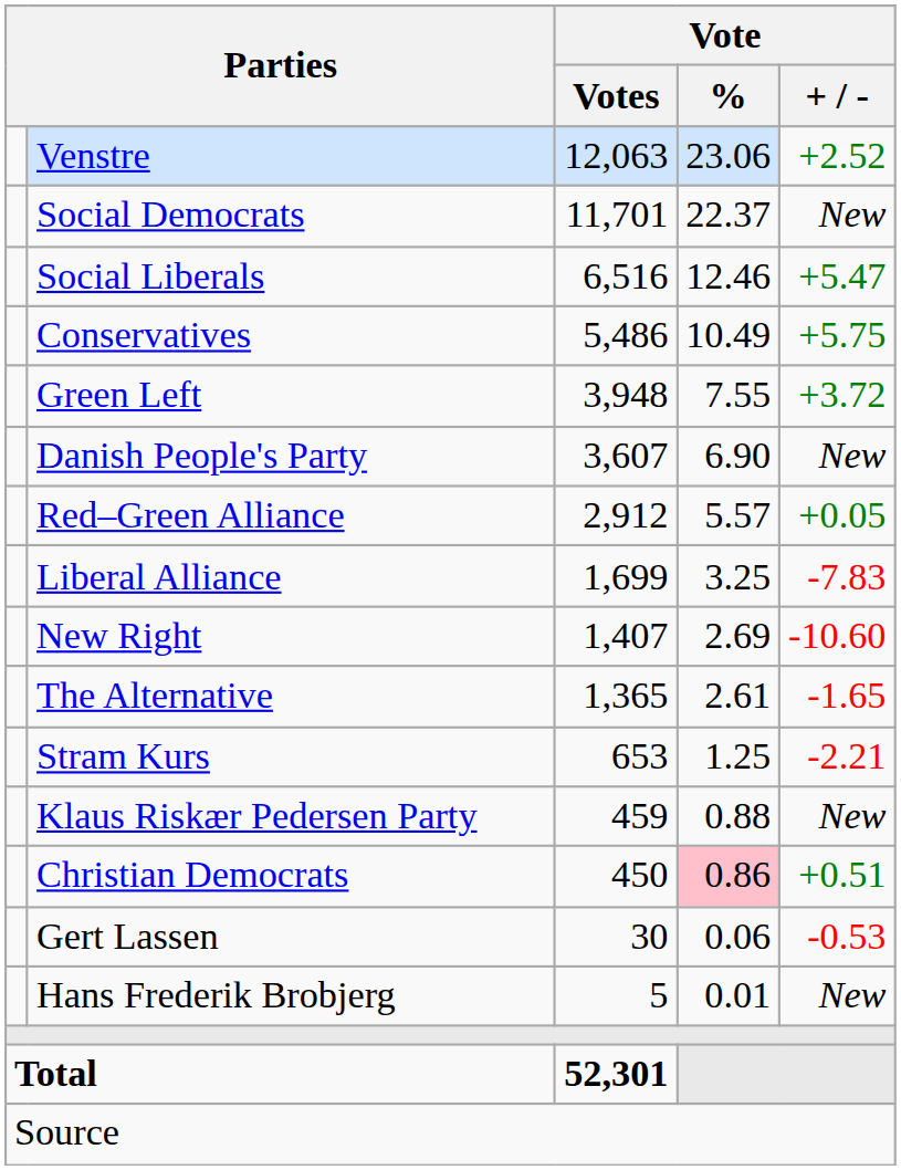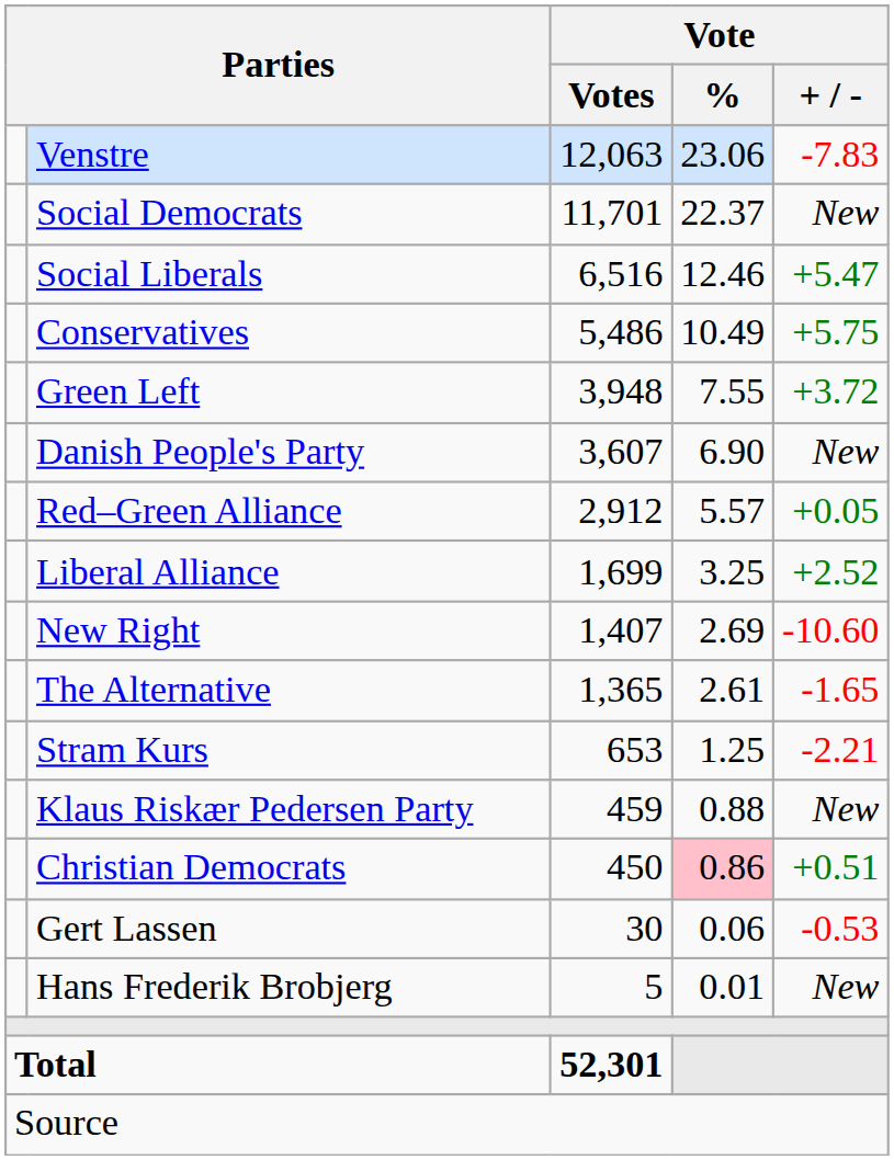 <table class="wikitable" style="text-align:right;">
 <tr>
 <th style="text-align:centre;" rowspan="2" colspan="2" width="225">Parties</th>
 <th colspan="3">Vote</th>
 </tr>
 <tr>
 <th width="15">Votes</th>
 <th width="15">%</th>
 <th width="15">+ / -</th>
 </tr>
 <tr>
 <td width="2" style="color:inherit;background:"></td>
 <td bgcolor=#cfe5fe  align="left"><a href='#'>Venstre</a></td>
 <td bgcolor=#cfe5fe>12,063</td>
 <td bgcolor=#cfe5fe>23.06</td>
-<td style=color:green;>+2.52</td>
+<td style=color:red;>-7.83</td>
 </tr>
 <tr>
 <td width="2" style="color:inherit;background:"></td>
 <td align="left"><a href='#'>Social Democrats</a></td>
 <td>11,701</td>
 <td>22.37</td>
 <td><em>New</em></td>
 </tr>
 <tr>
 <td width="2" style="color:inherit;background:"></td>
 <td align="left"><a href='#'>Social Liberals</a></td>
 <td>6,516</td>
 <td>12.46</td>
 <td style=color:green;>+5.47</td>
 </tr>
 <tr>
 <td width="2" style="color:inherit;background:"></td>
 <td align="left"><a href='#'>Conservatives</a></td>
 <td>5,486</td>
 <td>10.49</td>
 <td style=color:green;>+5.75</td>
 </tr>
 <tr>
 <td width="2" style="color:inherit;background:"></td>
 <td align="left"><a href='#'>Green Left</a></td>
 <td>3,948</td>
 <td>7.55</td>
 <td style=color:green;>+3.72</td>
 </tr>
 <tr>
 <td width="2" style="color:inherit;background:"></td>
 <td align="left"><a href='#'>Danish People's Party</a></td>
 <td>3,607</td>
 <td>6.90</td>
 <td><em>New</em></td>
 </tr>
 <tr>
 <td width="2" style="color:inherit;background:"></td>
 <td align="left"><a href='#'>Red–Green Alliance</a></td>
 <td>2,912</td>
 <td>5.57</td>
 <td style=color:green;>+0.05</td>
 </tr>
 <tr>
 <td width="2" style="color:inherit;background:"></td>
 <td align="left"><a href='#'>Liberal Alliance</a></td>
 <td>1,699</td>
 <td>3.25</td>
-<td style=color:red;>-7.83</td>
+<td style=color:green;>+2.52</td>
 </tr>
 <tr>
 <td width="2" style="color:inherit;background:"></td>
 <td align="left"><a href='#'>New Right</a></td>
 <td>1,407</td>
 <td>2.69</td>
 <td style=color:red;>-10.60</td>
 </tr>
 <tr>
 <td width="2" style="color:inherit;background:"></td>
 <td align="left"><a href='#'>The Alternative</a></td>
 <td>1,365</td>
 <td>2.61</td>
 <td style=color:red;>-1.65</td>
 </tr>
 <tr>
 <td width="2" style="color:inherit;background:"></td>
 <td align="left"><a href='#'>Stram Kurs</a></td>
 <td>653</td>
 <td>1.25</td>
 <td style=color:red;>-2.21</td>
 </tr>
 <tr>
 <td width="2" style="color:inherit;background:"></td>
 <td align="left"><a href='#'>Klaus Riskær Pedersen Party</a></td>
 <td>459</td>
 <td>0.88</td>
 <td><em>New</em></td>
 </tr>
 <tr>
 <td width="2" style="color:inherit;background:"></td>
 <td align="left"><a href='#'>Christian Democrats</a></td>
 <td>450</td>
 <td style="background: pink;">0.86</td>
 <td style=color:green;>+0.51</td>
 </tr>
 <tr>
 <td width="2" style="color:inherit;background:"></td>
 <td align="left">Gert Lassen</td>
 <td>30</td>
 <td>0.06</td>
 <td style=color:red;>-0.53</td>
 </tr>
 <tr>
 <td width="2" style="color:inherit;background:"></td>
 <td align="left">Hans Frederik Brobjerg</td>
 <td>5</td>
 <td>0.01</td>
 <td><em>New</em></td>
 </tr>
 <tr>
 <td colspan="7" bgcolor="#E9E9E9"></td>
 </tr>
 <tr>
 <td align="left" colspan="2"><strong>Total</strong></td>
 <td><strong>52,301</strong></td>
 <td bgcolor="#E9E9E9" colspan="2"></td>
 </tr>
 <tr>
 <td align="left" colspan="6">Source</td>
 </tr>
 </table>
